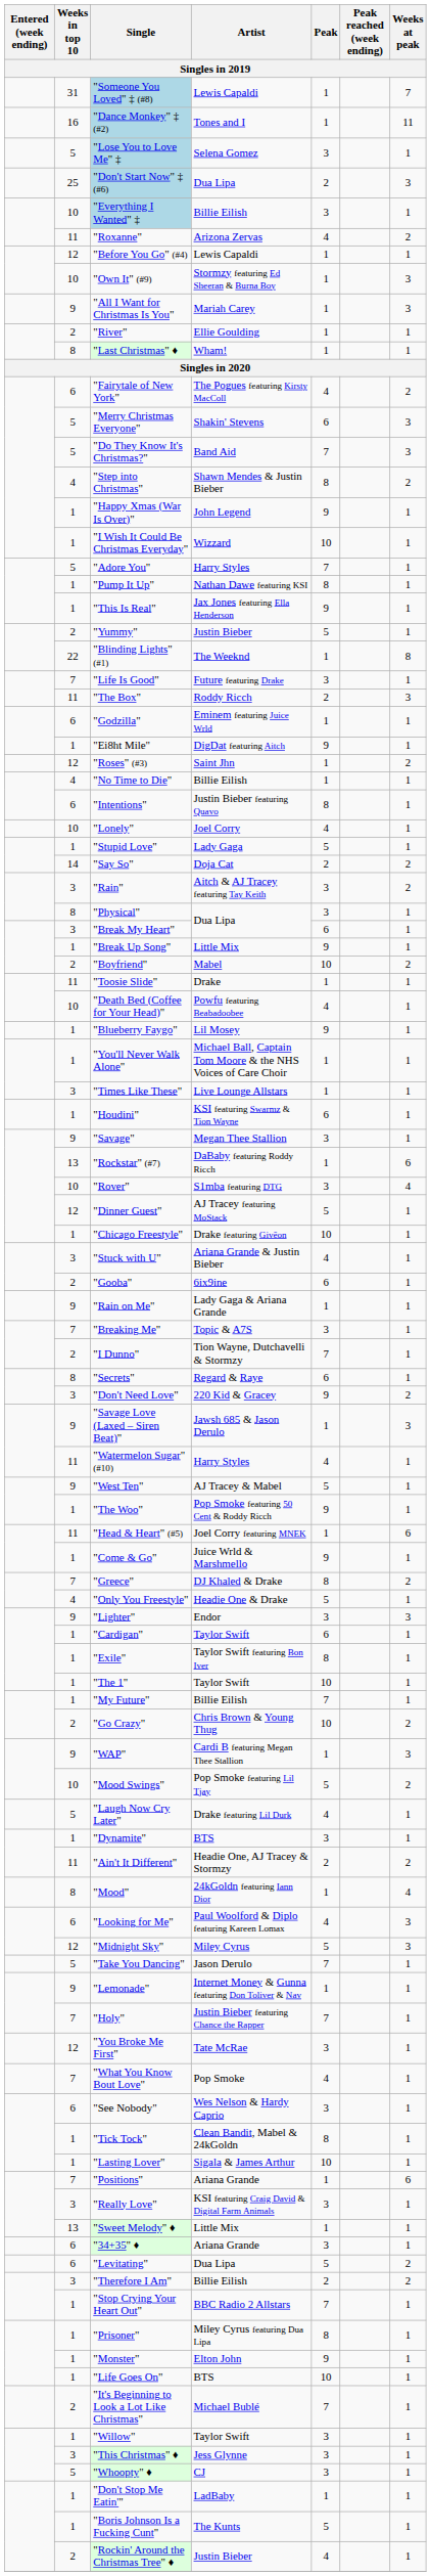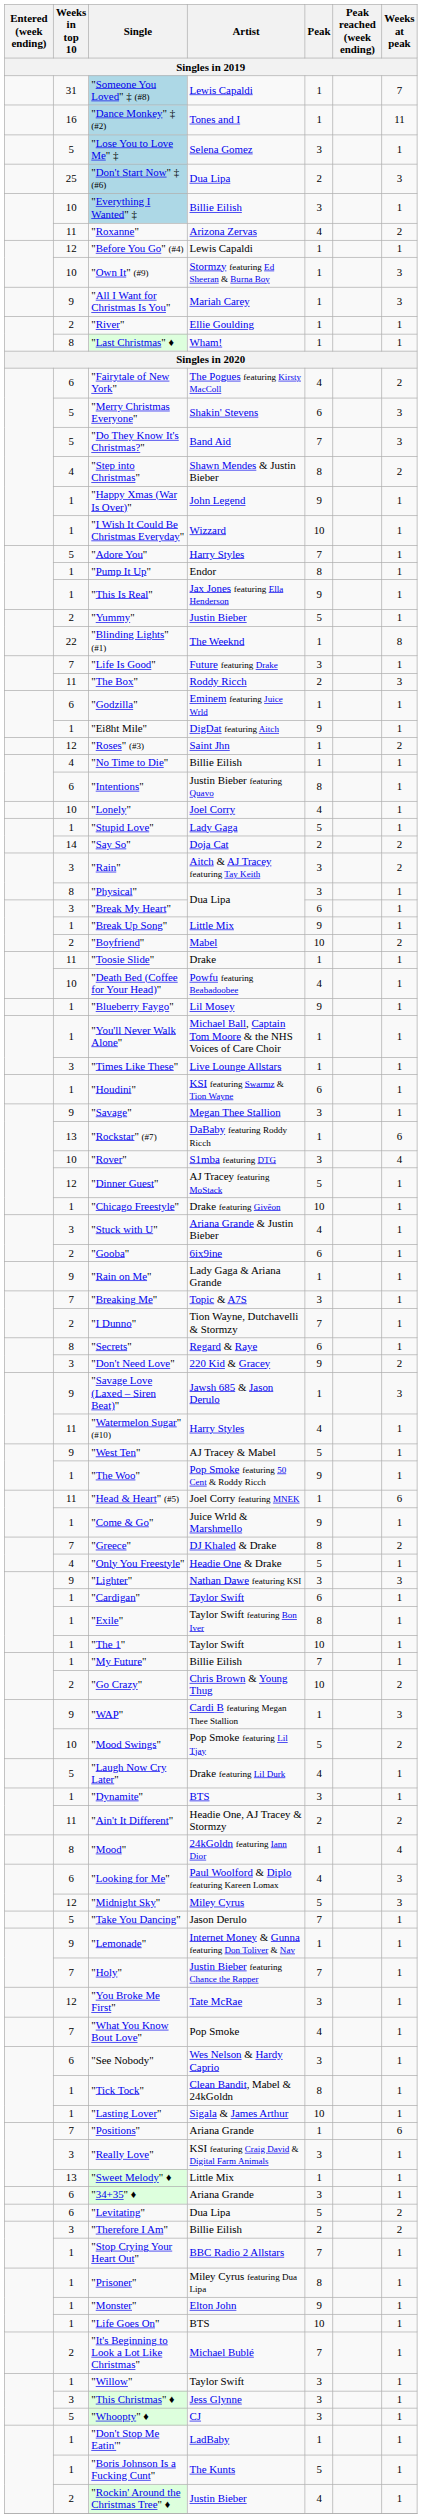 <table class="wikitable sortable" style="text-align:center">
 <tr>
 <th>Entered <br>(week ending)</th>
 <th data-sort-type="number">Weeks<br>in<br>top<br>10</th>
 <th>Single</th>
 <th>Artist</th>
 <th data-sort-type="number">Peak</th>
 <th>Peak<br>reached <br>(week ending)</th>
 <th data-sort-type="number">Weeks<br>at<br>peak</th>
 </tr>
 <tr>
 <th colspan="7">Singles in 2019</th>
 </tr>
 <tr>
 <td></td>
 <td>31</td>
 <td align="left"  bgcolor=lightblue>"<a href='#'>Someone You Loved</a>" ‡ <small>(#8)</small> </td>
 <td align="left"><a href='#'>Lewis Capaldi</a></td>
 <td>1</td>
 <td></td>
 <td>7</td>
 </tr>
 <tr>
 <td></td>
 <td>16</td>
 <td align="left"  bgcolor=lightblue>"<a href='#'>Dance Monkey</a>" ‡ <small>(#2)</small> </td>
 <td align="left"><a href='#'>Tones and I</a></td>
 <td>1</td>
 <td></td>
 <td>11</td>
 </tr>
 <tr>
 <td></td>
 <td>5</td>
 <td align="left"  bgcolor=lightblue>"<a href='#'>Lose You to Love Me</a>" ‡ </td>
 <td align="left"><a href='#'>Selena Gomez</a></td>
 <td>3</td>
 <td></td>
 <td>1</td>
 </tr>
 <tr>
 <td></td>
 <td>25</td>
 <td align="left"  bgcolor=lightblue>"<a href='#'>Don't Start Now</a>" ‡ <small>(#6)</small> </td>
 <td align="left"><a href='#'>Dua Lipa</a></td>
 <td>2</td>
 <td></td>
 <td>3</td>
 </tr>
 <tr>
 <td rowspan="2"></td>
 <td>10</td>
 <td align="left"  bgcolor=lightblue>"<a href='#'>Everything I Wanted</a>" ‡ </td>
 <td align="left"><a href='#'>Billie Eilish</a></td>
 <td>3</td>
 <td></td>
 <td>1</td>
 </tr>
 <tr>
 <td>11</td>
 <td align="left">"<a href='#'>Roxanne</a>" </td>
 <td align="left"><a href='#'>Arizona Zervas</a></td>
 <td>4</td>
 <td></td>
 <td>2</td>
 </tr>
 <tr>
 <td rowspan="2"></td>
 <td>12</td>
 <td align="left">"<a href='#'>Before You Go</a>" <small>(#4)</small> </td>
 <td align="left">Lewis Capaldi</td>
 <td>1</td>
 <td></td>
 <td>1</td>
 </tr>
 <tr>
 <td>10</td>
 <td align="left">"<a href='#'>Own It</a>" <small>(#9)</small></td>
 <td align="left"><a href='#'>Stormzy</a> <small>featuring <a href='#'>Ed Sheeran</a> & <a href='#'>Burna Boy</a></small></td>
 <td>1</td>
 <td></td>
 <td>3</td>
 </tr>
 <tr>
 <td></td>
 <td>9</td>
 <td align="left">"<a href='#'>All I Want for Christmas Is You</a>" </td>
 <td align="left"><a href='#'>Mariah Carey</a></td>
 <td>1</td>
 <td></td>
 <td>3</td>
 </tr>
 <tr>
 <td rowspan="2"></td>
 <td>2</td>
 <td align="left">"<a href='#'>River</a>" </td>
 <td align="left"><a href='#'>Ellie Goulding</a></td>
 <td>1</td>
 <td></td>
 <td>1</td>
 </tr>
 <tr>
 <td>8</td>
 <td align="left" bgcolor="#ddffdd">"<a href='#'>Last Christmas</a>" ♦</td>
 <td align="left"><a href='#'>Wham!</a></td>
 <td>1</td>
 <td></td>
 <td>1</td>
 </tr>
 <tr>
 <th colspan="7">Singles in 2020</th>
 </tr>
 <tr>
 <td rowspan="6"></td>
 <td>6</td>
 <td align="left">"<a href='#'>Fairytale of New York</a>" </td>
 <td align="left"><a href='#'>The Pogues</a> <small> featuring <a href='#'>Kirsty MacColl</a> </small></td>
 <td>4</td>
 <td></td>
 <td>2</td>
 </tr>
 <tr>
 <td>5</td>
 <td align="left">"<a href='#'>Merry Christmas Everyone</a>" </td>
 <td align="left"><a href='#'>Shakin' Stevens</a></td>
 <td>6</td>
 <td></td>
 <td>3</td>
 </tr>
 <tr>
 <td>5</td>
 <td align="left">"<a href='#'>Do They Know It's Christmas?</a>" </td>
 <td align="left"><a href='#'>Band Aid</a></td>
 <td>7</td>
 <td></td>
 <td>3</td>
 </tr>
 <tr>
 <td>4</td>
 <td align="left">"<a href='#'>Step into Christmas</a>" </td>
 <td align="left"><a href='#'>Shawn Mendes</a> & Justin Bieber</td>
 <td>8</td>
 <td></td>
 <td>2</td>
 </tr>
 <tr>
 <td>1</td>
 <td align="left">"<a href='#'>Happy Xmas (War Is Over)</a>"</td>
 <td align="left"><a href='#'>John Legend</a></td>
 <td>9</td>
 <td></td>
 <td>1</td>
 </tr>
 <tr>
 <td>1</td>
 <td align="left">"<a href='#'>I Wish It Could Be Christmas Everyday</a>" </td>
 <td align="left"><a href='#'>Wizzard</a></td>
 <td>10</td>
 <td></td>
 <td>1</td>
 </tr>
 <tr>
 <td rowspan="3"></td>
 <td>5</td>
 <td align="left">"<a href='#'>Adore You</a>" </td>
 <td align="left"><a href='#'>Harry Styles</a></td>
 <td>7</td>
 <td></td>
 <td>1</td>
 </tr>
 <tr>
 <td>1</td>
 <td align="left">"<a href='#'>Pump It Up</a>"</td>
-<td align="left"><a href='#'>Nathan Dawe</a> <small> featuring KSI</small></td>
+<td align="left">Endor</td>
 <td>8</td>
 <td></td>
 <td>1</td>
 </tr>
 <tr>
 <td>1</td>
 <td align="left">"<a href='#'>This Is Real</a>"</td>
 <td align="left"><a href='#'>Jax Jones</a> <small> featuring <a href='#'>Ella Henderson</a> </small></td>
 <td>9</td>
 <td></td>
 <td>1</td>
 </tr>
 <tr>
 <td rowspan="2"></td>
 <td>2</td>
 <td align="left">"<a href='#'>Yummy</a>"</td>
 <td align="left"><a href='#'>Justin Bieber</a></td>
 <td>5</td>
 <td></td>
 <td>1</td>
 </tr>
 <tr>
 <td>22</td>
 <td align="left">"<a href='#'>Blinding Lights</a>" <small>(#1)</small> </td>
 <td align="left"><a href='#'>The Weeknd</a></td>
 <td>1</td>
 <td></td>
 <td>8</td>
 </tr>
 <tr>
 <td rowspan="2"></td>
 <td>7</td>
 <td align="left">"<a href='#'>Life Is Good</a>"</td>
 <td align="left"><a href='#'>Future</a> <small>featuring <a href='#'>Drake</a></small></td>
 <td>3</td>
 <td></td>
 <td>1</td>
 </tr>
 <tr>
 <td>11</td>
 <td align="left">"<a href='#'>The Box</a>"</td>
 <td align="left"><a href='#'>Roddy Ricch</a></td>
 <td>2</td>
 <td></td>
 <td>3</td>
 </tr>
 <tr>
 <td rowspan="2"></td>
 <td>6</td>
 <td align="left">"<a href='#'>Godzilla</a>" </td>
 <td align="left"><a href='#'>Eminem</a> <small>featuring <a href='#'>Juice Wrld</a></small></td>
 <td>1</td>
 <td></td>
 <td>1</td>
 </tr>
 <tr>
 <td>1</td>
 <td align="left">"Ei8ht Mile"</td>
 <td align="left"><a href='#'>DigDat</a> <small>featuring <a href='#'>Aitch</a></small></td>
 <td>9</td>
 <td></td>
 <td>1</td>
 </tr>
 <tr>
 <td></td>
 <td>12</td>
 <td align="left">"<a href='#'>Roses</a>" <small>(#3)</small></td>
 <td align="left"><a href='#'>Saint Jhn</a></td>
 <td>1</td>
 <td></td>
 <td>2</td>
 </tr>
 <tr>
 <td rowspan="2"></td>
 <td>4</td>
 <td align="left">"<a href='#'>No Time to Die</a>"</td>
 <td align="left">Billie Eilish</td>
 <td>1</td>
 <td></td>
 <td>1</td>
 </tr>
 <tr>
 <td>6</td>
 <td align="left">"<a href='#'>Intentions</a>" </td>
 <td align="left">Justin Bieber <small>featuring <a href='#'>Quavo</a></small></td>
 <td>8</td>
 <td></td>
 <td>1</td>
 </tr>
 <tr>
 <td></td>
 <td>10</td>
 <td align="left">"<a href='#'>Lonely</a>"</td>
 <td align="left"><a href='#'>Joel Corry</a></td>
 <td>4</td>
 <td></td>
 <td>1</td>
 </tr>
 <tr>
 <td rowspan="2"></td>
 <td>1</td>
 <td align="left">"<a href='#'>Stupid Love</a>"</td>
 <td align="left"><a href='#'>Lady Gaga</a></td>
 <td>5</td>
 <td></td>
 <td>1</td>
 </tr>
 <tr>
 <td>14</td>
 <td align="left">"<a href='#'>Say So</a>" </td>
 <td align="left"><a href='#'>Doja Cat</a></td>
 <td>2</td>
 <td></td>
 <td>2</td>
 </tr>
 <tr>
 <td rowspan="2"></td>
 <td>3</td>
 <td align="left">"<a href='#'>Rain</a>"</td>
 <td align="left"><a href='#'>Aitch</a> & <a href='#'>AJ Tracey</a> <small> featuring <a href='#'>Tay Keith</a></small></td>
 <td>3</td>
 <td></td>
 <td>2</td>
 </tr>
 <tr>
 <td>8</td>
 <td align="left">"<a href='#'>Physical</a>"</td>
 <td align="left"rowspan="2">Dua Lipa</td>
 <td>3</td>
 <td></td>
 <td>1</td>
 </tr>
 <tr>
 <td rowspan="3"></td>
 <td>3</td>
 <td align="left">"<a href='#'>Break My Heart</a>"</td>
 <td>6</td>
 <td></td>
 <td>1</td>
 </tr>
 <tr>
 <td>1</td>
 <td align="left">"<a href='#'>Break Up Song</a>"</td>
 <td align="left"><a href='#'>Little Mix</a></td>
 <td>9</td>
 <td></td>
 <td>1</td>
 </tr>
 <tr>
 <td>2</td>
 <td align="left">"<a href='#'>Boyfriend</a>"</td>
 <td align="left"><a href='#'>Mabel</a></td>
 <td>10</td>
 <td></td>
 <td>2</td>
 </tr>
 <tr>
 <td rowspan="2"></td>
 <td>11</td>
 <td align="left">"<a href='#'>Toosie Slide</a>"</td>
 <td align="left">Drake</td>
 <td>1</td>
 <td></td>
 <td>1</td>
 </tr>
 <tr>
 <td>10</td>
 <td align="left">"<a href='#'>Death Bed (Coffee for Your Head)</a>"</td>
 <td align="left"><a href='#'>Powfu</a> <small>featuring <a href='#'>Beabadoobee</a></small></td>
 <td>4</td>
 <td></td>
 <td>1</td>
 </tr>
 <tr>
 <td></td>
 <td>1</td>
 <td align="left">"<a href='#'>Blueberry Faygo</a>"</td>
 <td align="left"><a href='#'>Lil Mosey</a></td>
 <td>9</td>
 <td></td>
 <td>1</td>
 </tr>
 <tr>
 <td rowspan="2"></td>
 <td>1</td>
 <td align="left">"<a href='#'>You'll Never Walk Alone</a>"</td>
 <td align="left"><a href='#'>Michael Ball</a>, <a href='#'>Captain Tom Moore</a> & the NHS Voices of Care Choir</td>
 <td>1</td>
 <td></td>
 <td>1</td>
 </tr>
 <tr>
 <td>3</td>
 <td align="left">"<a href='#'>Times Like These</a>" </td>
 <td align="left"><a href='#'>Live Lounge Allstars</a></td>
 <td>1</td>
 <td></td>
 <td>1</td>
 </tr>
 <tr>
 <td></td>
 <td>1</td>
 <td align="left">"<a href='#'>Houdini</a>"</td>
 <td align="left"><a href='#'>KSI</a> <small>featuring <a href='#'>Swarmz</a> & <a href='#'>Tion Wayne</a></small></td>
 <td>6</td>
 <td></td>
 <td>1</td>
 </tr>
 <tr>
 <td rowspan="5"></td>
 <td>9</td>
 <td align="left">"<a href='#'>Savage</a>" </td>
 <td align="left"><a href='#'>Megan Thee Stallion</a></td>
 <td>3</td>
 <td></td>
 <td>1</td>
 </tr>
 <tr>
 <td>13</td>
 <td align="left">"<a href='#'>Rockstar</a>" <small>(#7)</small></td>
 <td align="left"><a href='#'>DaBaby</a> <small>featuring Roddy Ricch</small></td>
 <td>1</td>
 <td></td>
 <td>6</td>
 </tr>
 <tr>
 <td>10</td>
 <td align="left">"<a href='#'>Rover</a>"</td>
 <td align="left"><a href='#'>S1mba</a> <small>featuring <a href='#'>DTG</a></small></td>
 <td>3</td>
 <td></td>
 <td>4</td>
 </tr>
 <tr>
 <td>12</td>
 <td align="left">"<a href='#'>Dinner Guest</a>"</td>
 <td align="left">AJ Tracey <small>featuring <a href='#'>MoStack</a></small></td>
 <td>5</td>
 <td></td>
 <td>1</td>
 </tr>
 <tr>
 <td>1</td>
 <td align="left">"<a href='#'>Chicago Freestyle</a>"</td>
 <td align="left">Drake <small>featuring <a href='#'>Givēon</a></small></td>
 <td>10</td>
 <td></td>
 <td>1</td>
 </tr>
 <tr>
 <td rowspan="2"></td>
 <td>3</td>
 <td align="left">"<a href='#'>Stuck with U</a>"</td>
 <td align="left"><a href='#'>Ariana Grande</a> & Justin Bieber</td>
 <td>4</td>
 <td></td>
 <td>1</td>
 </tr>
 <tr>
 <td>2</td>
 <td align="left">"<a href='#'>Gooba</a>"</td>
 <td align="left"><a href='#'>6ix9ine</a></td>
 <td>6</td>
 <td></td>
 <td>1</td>
 </tr>
 <tr>
 <td></td>
 <td>9</td>
 <td align="left">"<a href='#'>Rain on Me</a>"</td>
 <td align="left">Lady Gaga & Ariana Grande</td>
 <td>1</td>
 <td></td>
 <td>1</td>
 </tr>
 <tr>
 <td rowspan="2"></td>
 <td>7</td>
 <td align="left">"<a href='#'>Breaking Me</a>"</td>
 <td align="left"><a href='#'>Topic</a> & <a href='#'>A7S</a></td>
 <td>3</td>
 <td></td>
 <td>1</td>
 </tr>
 <tr>
 <td>2</td>
 <td align="left">"<a href='#'>I Dunno</a>"</td>
 <td align="left">Tion Wayne, Dutchavelli & Stormzy</td>
 <td>7</td>
 <td></td>
 <td>1</td>
 </tr>
 <tr>
 <td rowspan="2"></td>
 <td>8</td>
 <td align="left">"<a href='#'>Secrets</a>" </td>
 <td align="left"><a href='#'>Regard</a> & <a href='#'>Raye</a></td>
 <td>6</td>
 <td></td>
 <td>1</td>
 </tr>
 <tr>
 <td>3</td>
 <td align="left">"<a href='#'>Don't Need Love</a>"</td>
 <td align="left"><a href='#'>220 Kid</a> & <a href='#'>Gracey</a></td>
 <td>9</td>
 <td></td>
 <td>2</td>
 </tr>
 <tr>
 <td rowspan="2"></td>
 <td>9</td>
 <td align="left">"<a href='#'>Savage Love (Laxed – Siren Beat)</a>"</td>
 <td align="left"><a href='#'>Jawsh 685</a> & <a href='#'>Jason Derulo</a></td>
 <td>1</td>
 <td></td>
 <td>3</td>
 </tr>
 <tr>
 <td>11</td>
 <td align="left">"<a href='#'>Watermelon Sugar</a>" <small>(#10)</small></td>
 <td align="left"><a href='#'>Harry Styles</a></td>
 <td>4</td>
 <td></td>
 <td>1</td>
 </tr>
 <tr>
 <td rowspan="2"></td>
 <td>9</td>
 <td align="left">"<a href='#'>West Ten</a>"</td>
 <td align="left">AJ Tracey & Mabel</td>
 <td>5</td>
 <td></td>
 <td>1</td>
 </tr>
 <tr>
 <td>1</td>
 <td align="left">"<a href='#'>The Woo</a>"</td>
 <td align="left"><a href='#'>Pop Smoke</a> <small>featuring <a href='#'>50 Cent</a> & Roddy Ricch</small></td>
 <td>9</td>
 <td></td>
 <td>1</td>
 </tr>
 <tr>
 <td rowspan="2"></td>
 <td>11</td>
 <td align="left">"<a href='#'>Head & Heart</a>" <small>(#5)</small></td>
 <td align="left">Joel Corry <small>featuring <a href='#'>MNEK</a></small></td>
 <td>1</td>
 <td></td>
 <td>6</td>
 </tr>
 <tr>
 <td>1</td>
 <td align="left">"<a href='#'>Come & Go</a>"</td>
 <td align="left">Juice Wrld & <a href='#'>Marshmello</a></td>
 <td>9</td>
 <td></td>
 <td>1</td>
 </tr>
 <tr>
 <td rowspan="2"></td>
 <td>7</td>
 <td align="left">"<a href='#'>Greece</a>" </td>
 <td align="left"><a href='#'>DJ Khaled</a> & Drake</td>
 <td>8</td>
 <td></td>
 <td>2</td>
 </tr>
 <tr>
 <td>4</td>
 <td align="left">"<a href='#'>Only You Freestyle</a>"</td>
 <td align="left"><a href='#'>Headie One</a> & Drake</td>
 <td>5</td>
 <td></td>
 <td>1</td>
 </tr>
 <tr>
 <td rowspan="4"></td>
 <td>9</td>
 <td align="left">"<a href='#'>Lighter</a>"</td>
-<td align="left">Endor</td>
+<td align="left"><a href='#'>Nathan Dawe</a> <small> featuring KSI</small></td>
 <td>3</td>
 <td></td>
 <td>3</td>
 </tr>
 <tr>
 <td>1</td>
 <td align="left">"<a href='#'>Cardigan</a>"</td>
 <td align="left"><a href='#'>Taylor Swift</a></td>
 <td>6</td>
 <td></td>
 <td>1</td>
 </tr>
 <tr>
 <td>1</td>
 <td align="left">"<a href='#'>Exile</a>"</td>
 <td align="left">Taylor Swift <small> featuring <a href='#'>Bon Iver</a> </small></td>
 <td>8</td>
 <td></td>
 <td>1</td>
 </tr>
 <tr>
 <td>1</td>
 <td align="left">"<a href='#'>The 1</a>"</td>
 <td align="left">Taylor Swift</td>
 <td>10</td>
 <td></td>
 <td>1</td>
 </tr>
 <tr>
 <td rowspan="2"></td>
 <td>1</td>
 <td align="left">"<a href='#'>My Future</a>"</td>
 <td align="left">Billie Eilish</td>
 <td>7</td>
 <td></td>
 <td>1</td>
 </tr>
 <tr>
 <td>2</td>
 <td align="left">"<a href='#'>Go Crazy</a>"</td>
 <td align="left"><a href='#'>Chris Brown</a> & <a href='#'>Young Thug</a></td>
 <td>10</td>
 <td></td>
 <td>2</td>
 </tr>
 <tr>
 <td rowspan="2"></td>
 <td>9</td>
 <td align="left">"<a href='#'>WAP</a>"</td>
 <td align="left"><a href='#'>Cardi B</a> <small> featuring Megan Thee Stallion </small></td>
 <td>1</td>
 <td></td>
 <td>3</td>
 </tr>
 <tr>
 <td>10</td>
 <td align="left">"<a href='#'>Mood Swings</a>"</td>
 <td align="left">Pop Smoke <small> featuring <a href='#'>Lil Tjay</a> </small></td>
 <td>5</td>
 <td></td>
 <td>2</td>
 </tr>
 <tr>
 <td></td>
 <td>5</td>
 <td align="left">"<a href='#'>Laugh Now Cry Later</a>"</td>
 <td align="left">Drake <small> featuring <a href='#'>Lil Durk</a> </small></td>
 <td>4</td>
 <td></td>
 <td>1</td>
 </tr>
 <tr>
 <td rowspan="2"></td>
 <td>1</td>
 <td align="left">"<a href='#'>Dynamite</a>"</td>
 <td align="left"><a href='#'>BTS</a></td>
 <td>3</td>
 <td></td>
 <td>1</td>
 </tr>
 <tr>
 <td>11</td>
 <td align="left">"<a href='#'>Ain't It Different</a>"</td>
 <td align="left">Headie One, AJ Tracey & Stormzy</td>
 <td>2</td>
 <td></td>
 <td>2</td>
 </tr>
 <tr>
 <td></td>
 <td>8</td>
 <td align="left">"<a href='#'>Mood</a>"</td>
 <td align="left"><a href='#'>24kGoldn</a> <small> featuring <a href='#'>Iann Dior</a> </small></td>
 <td>1</td>
 <td></td>
 <td>4</td>
 </tr>
 <tr>
 <td rowspan="2"></td>
 <td>6</td>
 <td align="left">"<a href='#'>Looking for Me</a>"</td>
 <td align="left"><a href='#'>Paul Woolford</a> & <a href='#'>Diplo</a> <small>featuring Kareen Lomax</small></td>
 <td>4</td>
 <td></td>
 <td>3</td>
 </tr>
 <tr>
 <td>12</td>
 <td align="left">"<a href='#'>Midnight Sky</a>" </td>
 <td align="left"><a href='#'>Miley Cyrus</a></td>
 <td>5</td>
 <td></td>
 <td>3</td>
 </tr>
 <tr>
 <td></td>
 <td>5</td>
 <td align="left">"<a href='#'>Take You Dancing</a>"</td>
 <td align="left">Jason Derulo</td>
 <td>7</td>
 <td></td>
 <td>1</td>
 </tr>
 <tr>
 <td rowspan="2"></td>
 <td>9</td>
 <td align="left">"<a href='#'>Lemonade</a>"</td>
 <td align="left"><a href='#'>Internet Money</a> & <a href='#'>Gunna</a><small> featuring <a href='#'>Don Toliver</a> & <a href='#'>Nav</a> </small></td>
 <td>1</td>
 <td></td>
 <td>1</td>
 </tr>
 <tr>
 <td>7</td>
 <td align="left">"<a href='#'>Holy</a>" </td>
 <td align="left"><a href='#'>Justin Bieber</a> <small> featuring <a href='#'>Chance the Rapper</a> </small></td>
 <td>7</td>
 <td></td>
 <td>1</td>
 </tr>
 <tr>
 <td></td>
 <td>12</td>
 <td align="left">"<a href='#'>You Broke Me First</a>" </td>
 <td align="left"><a href='#'>Tate McRae</a></td>
 <td>3</td>
 <td></td>
 <td>1</td>
 </tr>
 <tr>
 <td></td>
 <td>7</td>
 <td align="left">"<a href='#'>What You Know Bout Love</a>"</td>
 <td align="left">Pop Smoke</td>
 <td>4</td>
 <td></td>
 <td>1</td>
 </tr>
 <tr>
 <td rowspan="3"></td>
 <td>6</td>
 <td align="left">"See Nobody"</td>
 <td align="left"><a href='#'>Wes Nelson</a> & <a href='#'>Hardy Caprio</a></td>
 <td>3</td>
 <td></td>
 <td>1</td>
 </tr>
 <tr>
 <td>1</td>
 <td align="left">"<a href='#'>Tick Tock</a>"</td>
 <td align="left"><a href='#'>Clean Bandit</a>, Mabel & 24kGoldn</td>
 <td>8</td>
 <td></td>
 <td>1</td>
 </tr>
 <tr>
 <td>1</td>
 <td align="left">"<a href='#'>Lasting Lover</a>"</td>
 <td align="left"><a href='#'>Sigala</a> & <a href='#'>James Arthur</a></td>
 <td>10</td>
 <td></td>
 <td>1</td>
 </tr>
 <tr>
 <td rowspan="3"></td>
 <td>7</td>
 <td align="left">"<a href='#'>Positions</a>"</td>
 <td align="left">Ariana Grande</td>
 <td>1</td>
 <td></td>
 <td>6</td>
 </tr>
 <tr>
 <td>3</td>
 <td align="left">"<a href='#'>Really Love</a>"</td>
 <td align="left">KSI <small> featuring <a href='#'>Craig David</a> & <a href='#'>Digital Farm Animals</a> </small></td>
 <td>3</td>
 <td></td>
 <td>1</td>
 </tr>
 <tr>
 <td>13</td>
 <td align="left" bgcolor="#ddffdd">"<a href='#'>Sweet Melody</a>" ♦ </td>
 <td align="left">Little Mix</td>
 <td>1</td>
 <td></td>
 <td>1</td>
 </tr>
 <tr>
 <td></td>
 <td>6</td>
 <td align="left" bgcolor="#ddffdd">"<a href='#'>34+35</a>" ♦ </td>
 <td align="left">Ariana Grande</td>
 <td>3</td>
 <td></td>
 <td>1</td>
 </tr>
 <tr>
 <td></td>
 <td>6</td>
 <td align="left">"<a href='#'>Levitating</a>" </td>
 <td align="left">Dua Lipa</td>
 <td>5</td>
 <td></td>
 <td>2</td>
 </tr>
 <tr>
 <td rowspan="2"></td>
 <td>3</td>
 <td align="left">"<a href='#'>Therefore I Am</a>"</td>
 <td align="left">Billie Eilish</td>
 <td>2</td>
 <td></td>
 <td>2</td>
 </tr>
 <tr>
 <td>1</td>
 <td align="left">"<a href='#'>Stop Crying Your Heart Out</a>" </td>
 <td align="left"><a href='#'>BBC Radio 2 Allstars</a></td>
 <td>7</td>
 <td></td>
 <td>1</td>
 </tr>
 <tr>
 <td rowspan="3"></td>
 <td>1</td>
 <td align="left">"<a href='#'>Prisoner</a>"</td>
 <td align="left">Miley Cyrus <small>featuring Dua Lipa</small></td>
 <td>8</td>
 <td></td>
 <td>1</td>
 </tr>
 <tr>
 <td>1</td>
 <td align="left">"<a href='#'>Monster</a>"</td>
 <td align="left"><a href='#'>Elton John</a></td>
 <td>9</td>
 <td></td>
 <td>1</td>
 </tr>
 <tr>
 <td>1</td>
 <td align="left">"<a href='#'>Life Goes On</a>"</td>
 <td align="left">BTS</td>
 <td>10</td>
 <td></td>
 <td>1</td>
 </tr>
 <tr>
 <td></td>
 <td>2</td>
 <td align="left">"<a href='#'>It's Beginning to Look a Lot Like Christmas</a>" </td>
 <td align="left"><a href='#'>Michael Bublé</a></td>
 <td>7</td>
 <td></td>
 <td>1</td>
 </tr>
 <tr>
 <td rowspan="3"></td>
 <td>1</td>
 <td align="left">"<a href='#'>Willow</a>"</td>
 <td align="left">Taylor Swift</td>
 <td>3</td>
 <td></td>
 <td>1</td>
 </tr>
 <tr>
 <td>3</td>
 <td align="left" bgcolor="#ddffdd">"<a href='#'>This Christmas</a>" ♦</td>
 <td align="left"><a href='#'>Jess Glynne</a></td>
 <td>3</td>
 <td></td>
 <td>1</td>
 </tr>
 <tr>
 <td>5</td>
 <td align="left" bgcolor="#ddffdd">"<a href='#'>Whoopty</a>" ♦ </td>
 <td align="left"><a href='#'>CJ</a></td>
 <td>3</td>
 <td></td>
 <td>1</td>
 </tr>
 <tr>
 <td rowspan="3"></td>
 <td>1</td>
 <td align="left">"<a href='#'>Don't Stop Me Eatin'</a>"</td>
 <td align="left"><a href='#'>LadBaby</a></td>
 <td>1</td>
 <td></td>
 <td>1</td>
 </tr>
 <tr>
 <td>1</td>
 <td align="left">"<a href='#'>Boris Johnson Is a Fucking Cunt</a>"</td>
 <td align="left"><a href='#'>The Kunts</a></td>
 <td>5</td>
 <td></td>
 <td>1</td>
 </tr>
 <tr>
 <td>2</td>
 <td align="left" bgcolor="#ddffdd">"<a href='#'>Rockin' Around the Christmas Tree</a>" ♦</td>
 <td align="left"><a href='#'>Justin Bieber</a></td>
 <td>4</td>
 <td></td>
 <td>1</td>
 </tr>
 <tr>
 </tr>
 </table>
